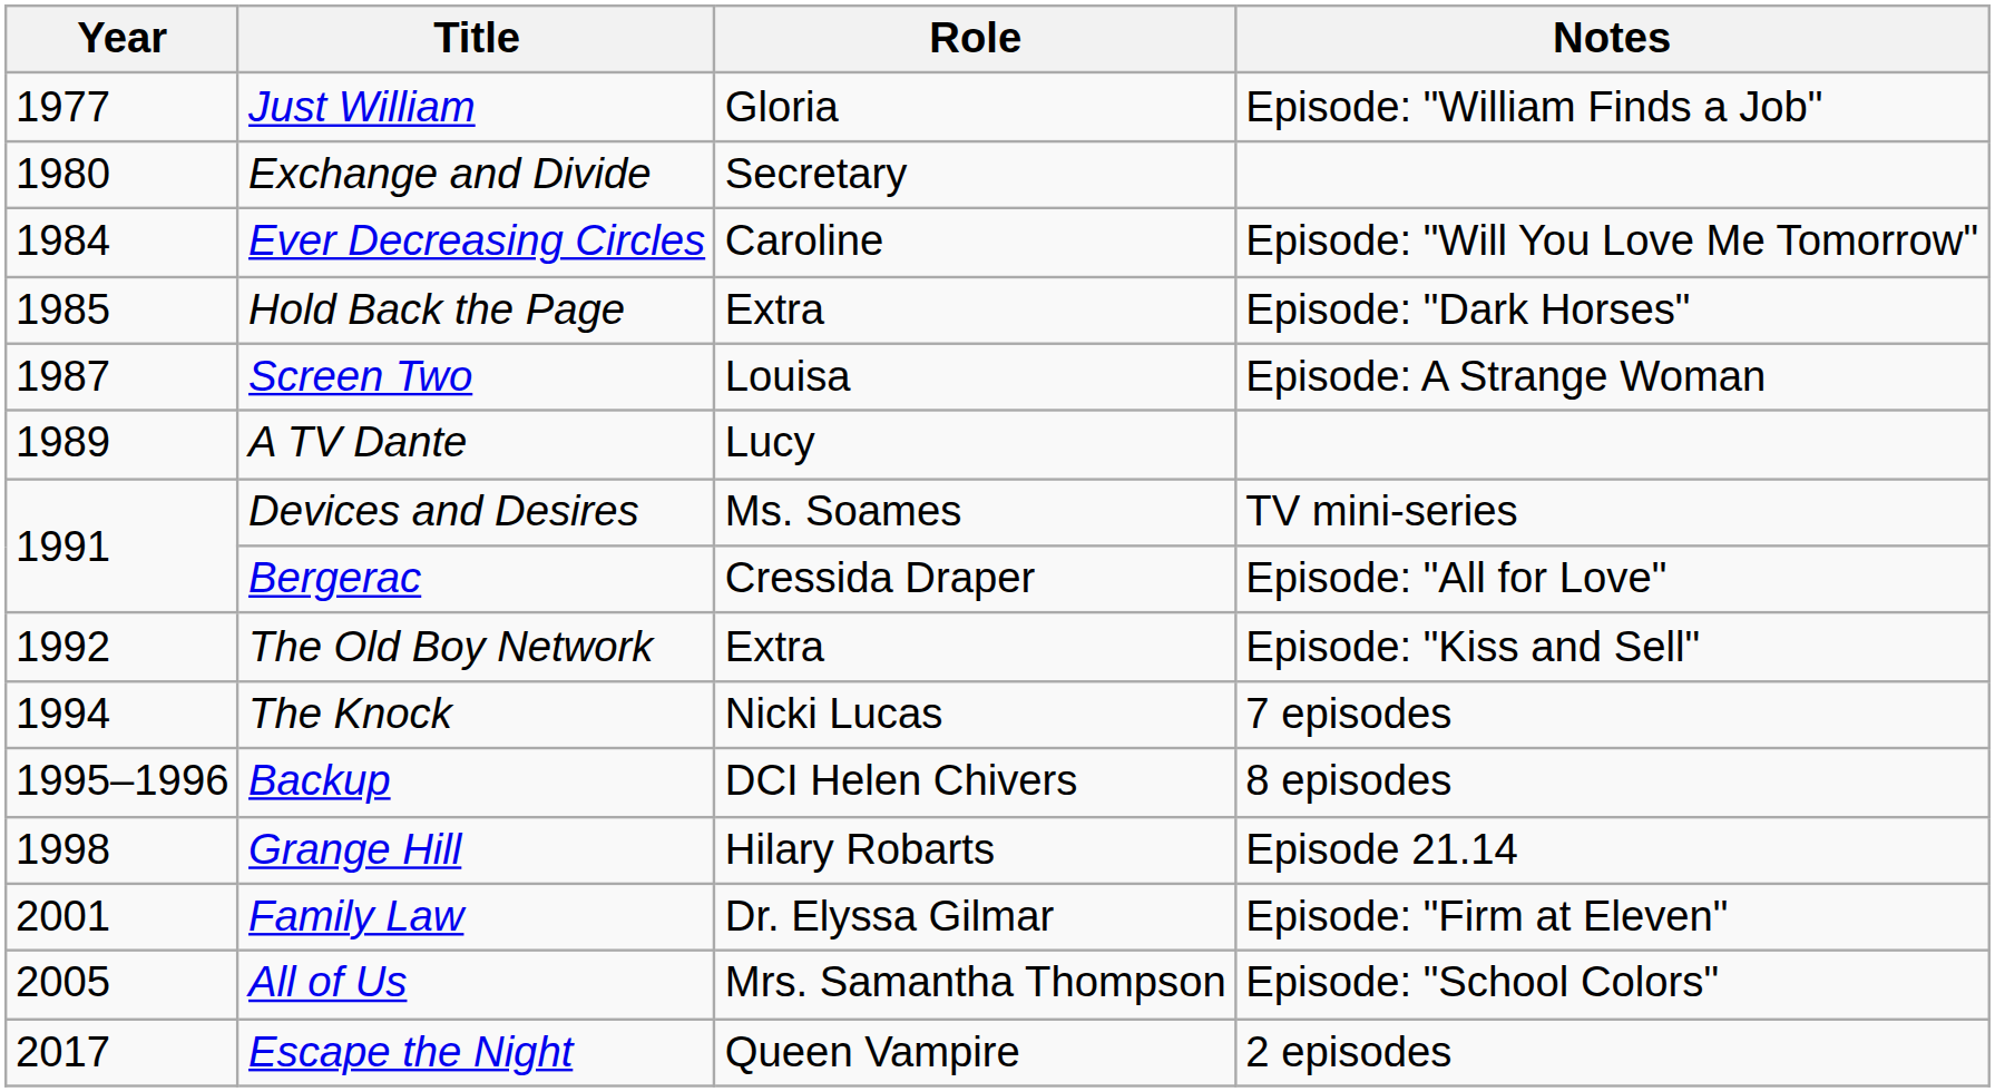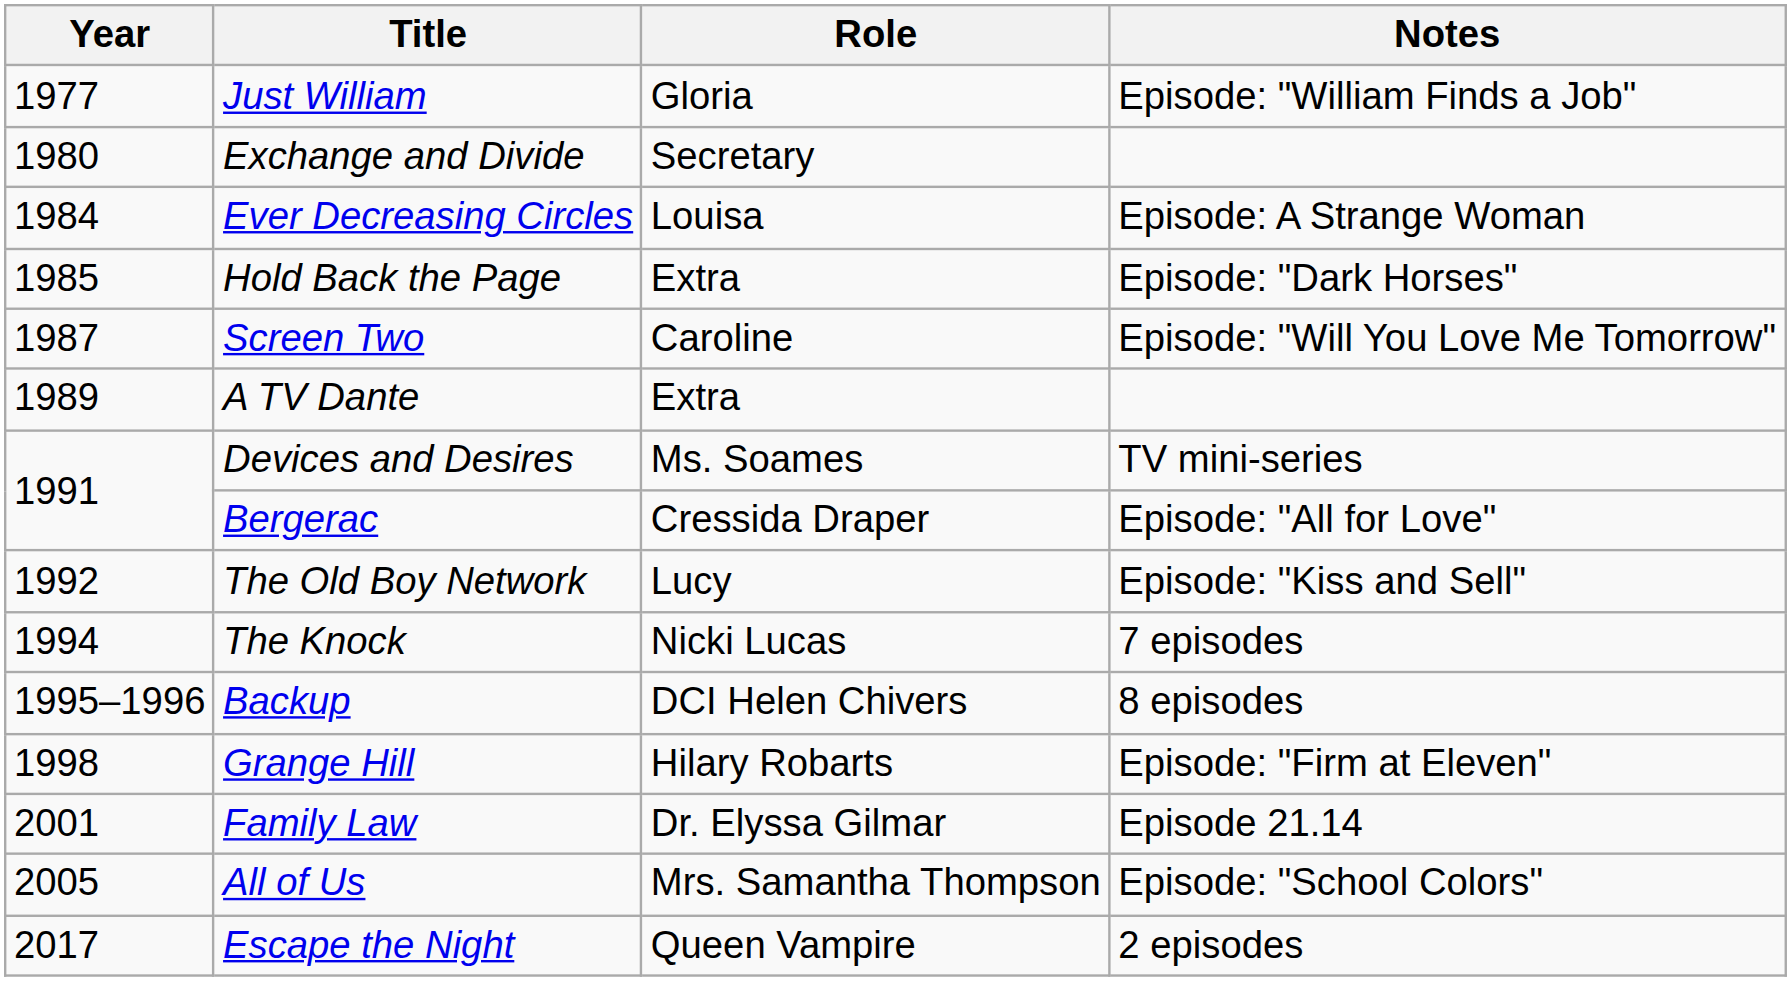 <table class="wikitable sortable">
 <tr>
 <th>Year</th>
 <th>Title</th>
 <th>Role</th>
 <th class="unsortable">Notes</th>
 </tr>
 <tr>
 <td>1977</td>
 <td><em><a href='#'>Just William</a></em></td>
 <td>Gloria</td>
 <td>Episode: "William Finds a Job"</td>
 </tr>
 <tr>
 <td>1980</td>
 <td><em>Exchange and Divide</em></td>
 <td>Secretary</td>
 <td></td>
 </tr>
 <tr>
 <td>1984</td>
 <td><em><a href='#'>Ever Decreasing Circles</a></em></td>
-<td>Caroline</td>
-<td>Episode: "Will You Love Me Tomorrow"</td>
+<td>Louisa</td>
+<td>Episode: A Strange Woman</td>
 </tr>
 <tr>
 <td>1985</td>
 <td><em>Hold Back the Page</em></td>
 <td>Extra</td>
 <td>Episode: "Dark Horses"</td>
 </tr>
 <tr>
 <td>1987</td>
 <td><em><a href='#'>Screen Two</a></em></td>
-<td>Louisa</td>
-<td>Episode: A Strange Woman</td>
+<td>Caroline</td>
+<td>Episode: "Will You Love Me Tomorrow"</td>
 </tr>
 <tr>
 <td>1989</td>
 <td><em> A TV Dante</em></td>
-<td>Lucy</td>
+<td>Extra</td>
 <td></td>
 </tr>
 <tr>
 <td rowspan="2">1991</td>
 <td><em>Devices and Desires</em></td>
 <td>Ms. Soames</td>
 <td>TV mini-series</td>
 </tr>
 <tr>
 <td><em><a href='#'>Bergerac</a></em></td>
 <td>Cressida Draper</td>
 <td>Episode: "All for Love"</td>
 </tr>
 <tr>
 <td>1992</td>
 <td><em>The Old Boy Network</em></td>
-<td>Extra</td>
+<td>Lucy</td>
 <td>Episode: "Kiss and Sell"</td>
 </tr>
 <tr>
 <td>1994</td>
 <td><em>The Knock</em></td>
 <td>Nicki Lucas</td>
 <td>7 episodes</td>
 </tr>
 <tr>
 <td>1995–1996</td>
 <td><em><a href='#'>Backup</a></em></td>
 <td>DCI Helen Chivers</td>
 <td>8 episodes</td>
 </tr>
 <tr>
 <td>1998</td>
 <td><em><a href='#'>Grange Hill</a></em></td>
 <td>Hilary Robarts</td>
-<td>Episode 21.14</td>
+<td>Episode: "Firm at Eleven"</td>
 </tr>
 <tr>
 <td>2001</td>
 <td><em><a href='#'>Family Law</a></em></td>
 <td>Dr. Elyssa Gilmar</td>
-<td>Episode: "Firm at Eleven"</td>
+<td>Episode 21.14</td>
 </tr>
 <tr>
 <td>2005</td>
 <td><em><a href='#'>All of Us</a></em></td>
 <td>Mrs. Samantha Thompson</td>
 <td>Episode: "School Colors"</td>
 </tr>
 <tr>
 <td>2017</td>
 <td><em><a href='#'>Escape the Night</a></em></td>
 <td>Queen Vampire</td>
 <td>2 episodes</td>
 </tr>
 </table>
